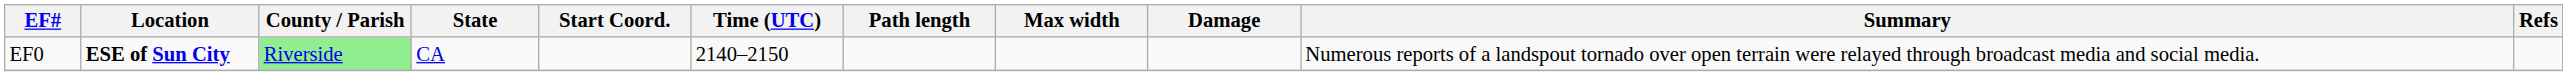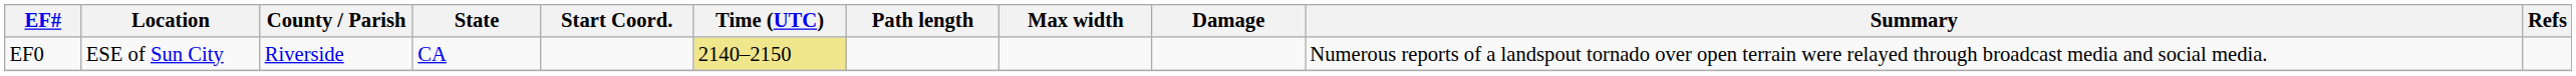 <table class="wikitable sortable" style="width:100%;">
 <tr>
 <th scope="col" width="3%" align="center"><a href='#'>EF#</a></th>
 <th scope="col" width="7%" align="center" class="unsortable">Location</th>
 <th scope="col" width="6%" align="center" class="unsortable">County / Parish</th>
 <th scope="col" width="5%" align="center">State</th>
 <th scope="col" width="6%" align="center">Start Coord.</th>
 <th scope="col" width="6%" align="center">Time (<a href='#'>UTC</a>)</th>
 <th scope="col" width="6%" align="center">Path length</th>
 <th scope="col" width="6%" align="center">Max width</th>
 <th scope="col" width="6%" align="center">Damage</th>
 <th scope="col" width="48%" class="unsortable" align="center">Summary</th>
 <th scope="col" width="48%" class="unsortable" align="center">Refs</th>
 </tr>
 <tr>
 <td>EF0</td>
-<td><strong>ESE of <a href='#'>Sun City</a></strong></td>
-<td style="background: lightgreen;"><a href='#'>Riverside</a></td>
+<td>ESE of <a href='#'>Sun City</a></td>
+<td><a href='#'>Riverside</a></td>
 <td><a href='#'>CA</a></td>
 <td></td>
-<td>2140–2150</td>
+<td style="background: khaki;">2140–2150</td>
 <td></td>
 <td></td>
 <td></td>
 <td>Numerous reports of a landspout tornado over open terrain were relayed through broadcast media and social media.</td>
 <td></td>
 </tr>
 <tr>
 </tr>
 </table>
